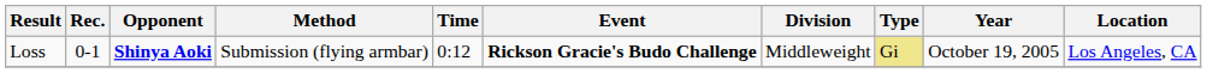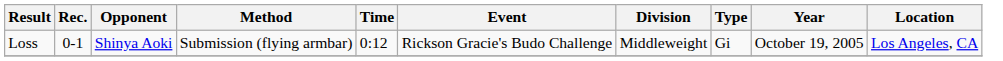 <table class="wikitable sortable" style="font-size:80%; text-align:left;">
 <tr>
 <th>Result</th>
 <th>Rec.</th>
 <th>Opponent</th>
 <th>Method</th>
 <th>Time</th>
 <th>Event</th>
 <th>Division</th>
 <th>Type</th>
 <th>Year</th>
 <th>Location</th>
 </tr>
 <tr>
 <td>Loss</td>
 <td style="text-align:center;">0-1</td>
-<td><strong> <a href='#'>Shinya Aoki</a></strong></td>
+<td> <a href='#'>Shinya Aoki</a></td>
 <td>Submission (flying armbar)</td>
 <td>0:12</td>
-<td><strong>Rickson Gracie's Budo Challenge</strong></td>
+<td>Rickson Gracie's Budo Challenge</td>
 <td>Middleweight</td>
-<td style="background: khaki;">Gi</td>
+<td>Gi</td>
 <td>October 19, 2005</td>
 <td><a href='#'>Los Angeles</a>, <a href='#'>CA</a></td>
 </tr>
 <tr>
 </tr>
 </table>
